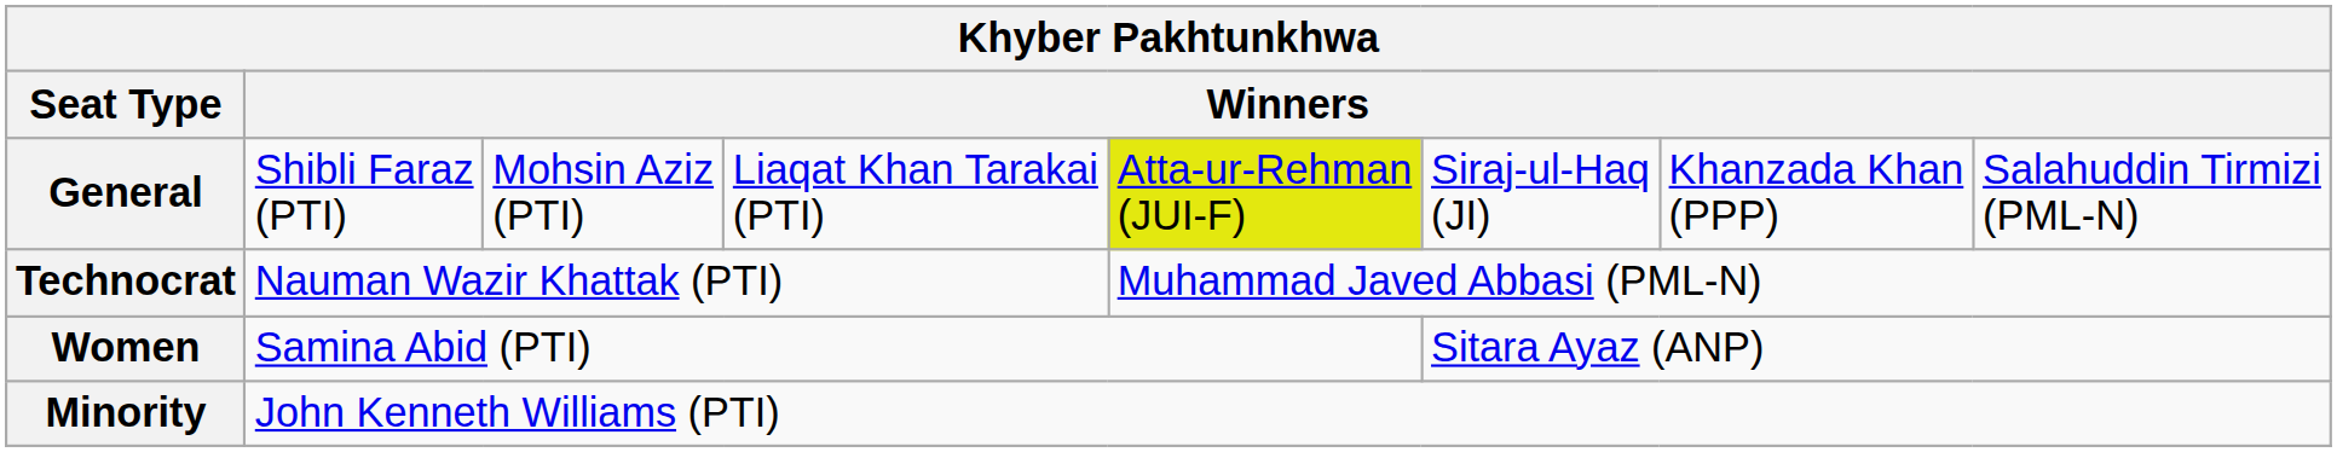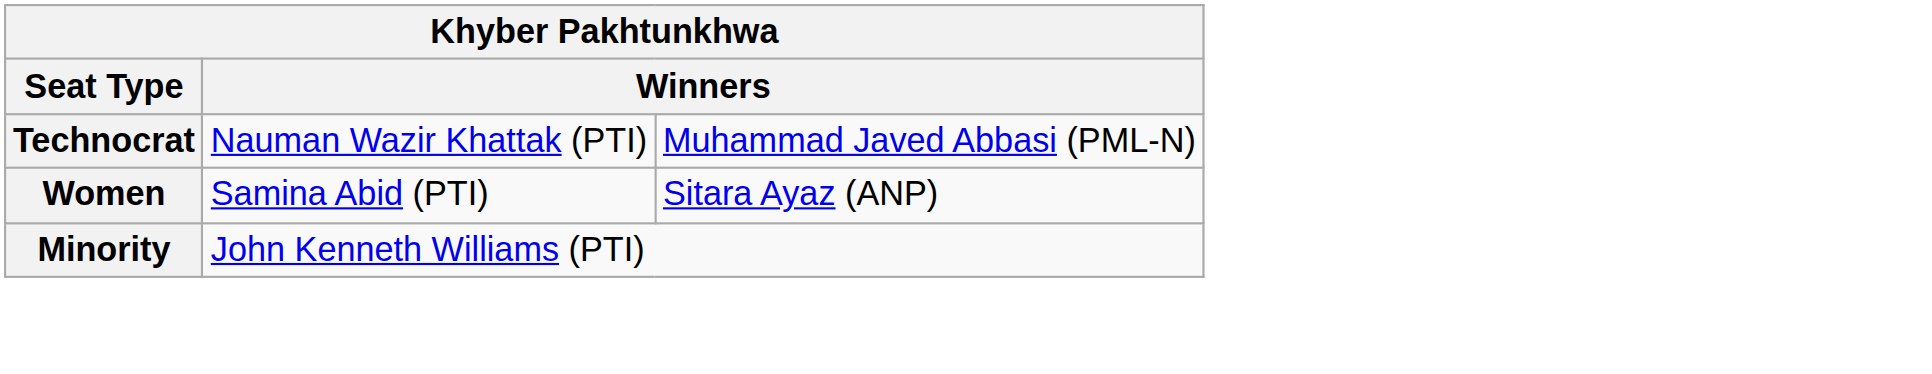 <table class="wikitable">
 <tr>
 <th colspan="8">Khyber Pakhtunkhwa</th>
 </tr>
 <tr>
 <th>Seat Type</th>
 <th colspan="7">Winners</th>
-</tr>
-<tr>
-<th>General</th>
-<td style="background:"><a href='#'>Shibli Faraz</a><br>(PTI)</td>
-<td style="background:"><a href='#'>Mohsin Aziz</a><br>(PTI)</td>
-<td style="background:"><a href='#'>Liaqat Khan Tarakai</a><br>(PTI)</td>
-<td style="background:#E3E80F"><a href='#'>Atta-ur-Rehman</a><br>(JUI-F)</td>
-<td style="background:"><a href='#'>Siraj-ul-Haq</a><br>(JI)</td>
-<td style="background:"><a href='#'>Khanzada Khan</a><br>(PPP)</td>
-<td style="background:"><a href='#'>Salahuddin Tirmizi</a><br>(PML-N)</td>
 </tr>
 <tr>
 <th>Technocrat</th>
 <td colspan="3" style="background:"><a href='#'>Nauman Wazir Khattak</a> (PTI)</td>
 <td colspan="4" style="background:"><a href='#'>Muhammad Javed Abbasi</a> (PML-N)</td>
 </tr>
 <tr>
 <th>Women</th>
 <td colspan="4" style="background:"><a href='#'>Samina Abid</a> (PTI)</td>
 <td colspan="3" style="background:"><a href='#'>Sitara Ayaz</a> (ANP)</td>
 </tr>
 <tr>
 <th>Minority</th>
 <td colspan="7" style="background:"><a href='#'>John Kenneth Williams</a> (PTI)</td>
 </tr>
 </table>
